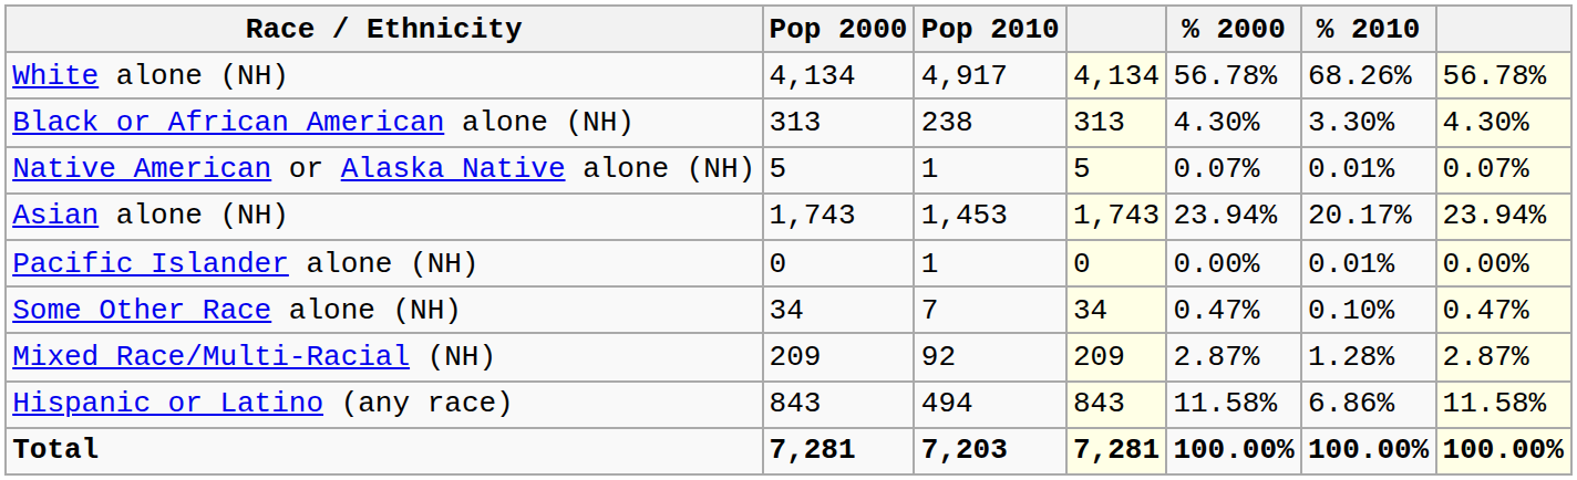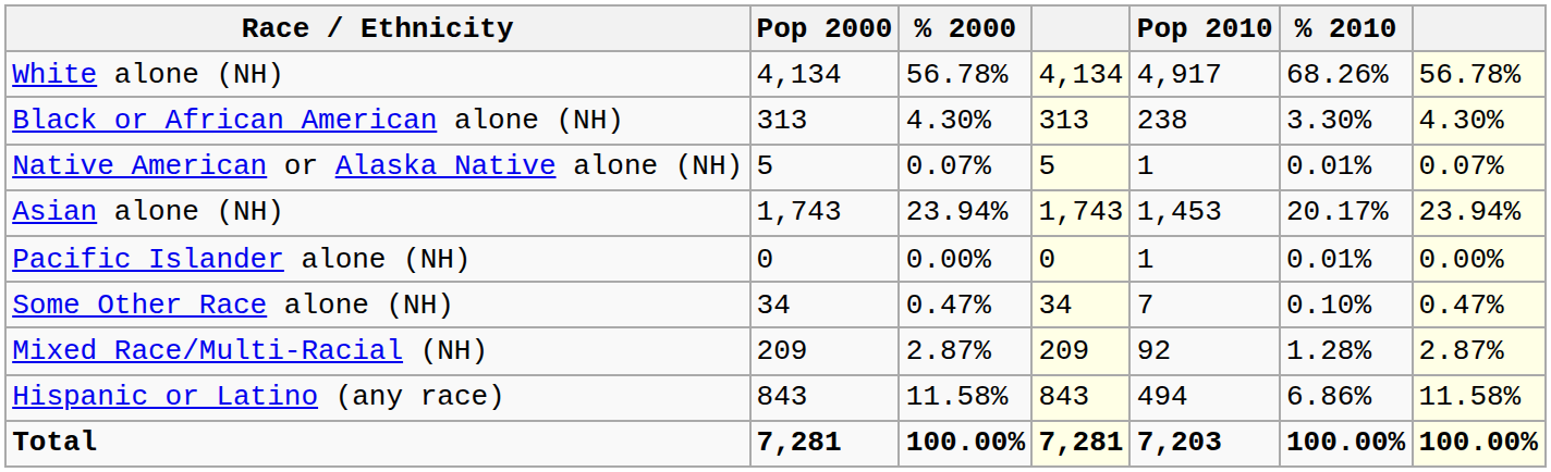 <table class="wikitable">
 <tr>
 <th>Race / Ethnicity</th>
 <th>Pop 2000</th>
+<th>% 2000</th>
+<th></th>
 <th>Pop 2010</th>
-<th></th>
-<th>% 2000</th>
 <th>% 2010</th>
 <th></th>
 </tr>
 <tr>
 <td><a href='#'>White</a> alone (NH)</td>
 <td>4,134</td>
+<td>56.78%</td>
+<td style='background: #ffffe6;'>4,134</td>
 <td>4,917</td>
-<td style='background: #ffffe6;'>4,134</td>
-<td>56.78%</td>
 <td>68.26%</td>
 <td style='background: #ffffe6;'>56.78%</td>
 </tr>
 <tr>
 <td><a href='#'>Black or African American</a> alone (NH)</td>
 <td>313</td>
+<td>4.30%</td>
+<td style='background: #ffffe6;'>313</td>
 <td>238</td>
-<td style='background: #ffffe6;'>313</td>
-<td>4.30%</td>
 <td>3.30%</td>
 <td style='background: #ffffe6;'>4.30%</td>
 </tr>
 <tr>
 <td><a href='#'>Native American</a> or <a href='#'>Alaska Native</a> alone (NH)</td>
 <td>5</td>
+<td>0.07%</td>
+<td style='background: #ffffe6;'>5</td>
 <td>1</td>
-<td style='background: #ffffe6;'>5</td>
-<td>0.07%</td>
 <td>0.01%</td>
 <td style='background: #ffffe6;'>0.07%</td>
 </tr>
 <tr>
 <td><a href='#'>Asian</a> alone (NH)</td>
 <td>1,743</td>
+<td>23.94%</td>
+<td style='background: #ffffe6;'>1,743</td>
 <td>1,453</td>
-<td style='background: #ffffe6;'>1,743</td>
-<td>23.94%</td>
 <td>20.17%</td>
 <td style='background: #ffffe6;'>23.94%</td>
 </tr>
 <tr>
 <td><a href='#'>Pacific Islander</a> alone (NH)</td>
 <td>0</td>
+<td>0.00%</td>
+<td style='background: #ffffe6;'>0</td>
 <td>1</td>
-<td style='background: #ffffe6;'>0</td>
-<td>0.00%</td>
 <td>0.01%</td>
 <td style='background: #ffffe6;'>0.00%</td>
 </tr>
 <tr>
 <td><a href='#'>Some Other Race</a> alone (NH)</td>
 <td>34</td>
+<td>0.47%</td>
+<td style='background: #ffffe6;'>34</td>
 <td>7</td>
-<td style='background: #ffffe6;'>34</td>
-<td>0.47%</td>
 <td>0.10%</td>
 <td style='background: #ffffe6;'>0.47%</td>
 </tr>
 <tr>
 <td><a href='#'>Mixed Race/Multi-Racial</a> (NH)</td>
 <td>209</td>
+<td>2.87%</td>
+<td style='background: #ffffe6;'>209</td>
 <td>92</td>
-<td style='background: #ffffe6;'>209</td>
-<td>2.87%</td>
 <td>1.28%</td>
 <td style='background: #ffffe6;'>2.87%</td>
 </tr>
 <tr>
 <td><a href='#'>Hispanic or Latino</a> (any race)</td>
 <td>843</td>
+<td>11.58%</td>
+<td style='background: #ffffe6;'>843</td>
 <td>494</td>
-<td style='background: #ffffe6;'>843</td>
-<td>11.58%</td>
 <td>6.86%</td>
 <td style='background: #ffffe6;'>11.58%</td>
 </tr>
 <tr>
 <td><strong>Total</strong></td>
 <td><strong>7,281</strong></td>
+<td><strong>100.00%</strong></td>
+<td style='background: #ffffe6;'><strong>7,281</strong></td>
 <td><strong>7,203</strong></td>
-<td style='background: #ffffe6;'><strong>7,281</strong></td>
-<td><strong>100.00%</strong></td>
 <td><strong>100.00%</strong></td>
 <td style='background: #ffffe6;'><strong>100.00%</strong></td>
 </tr>
 </table>
